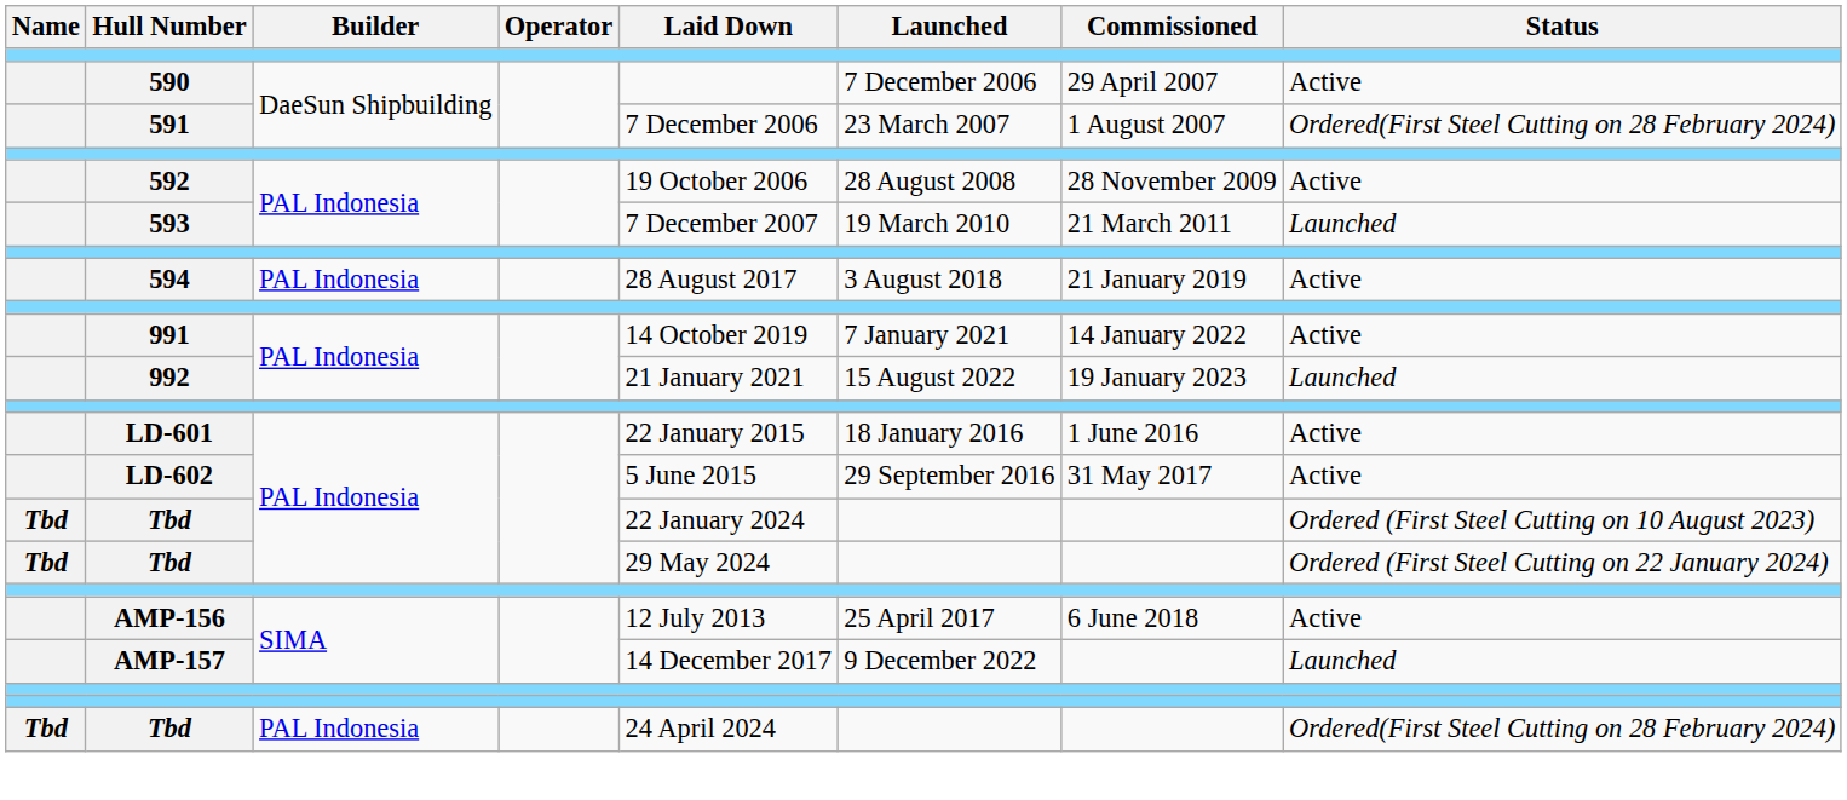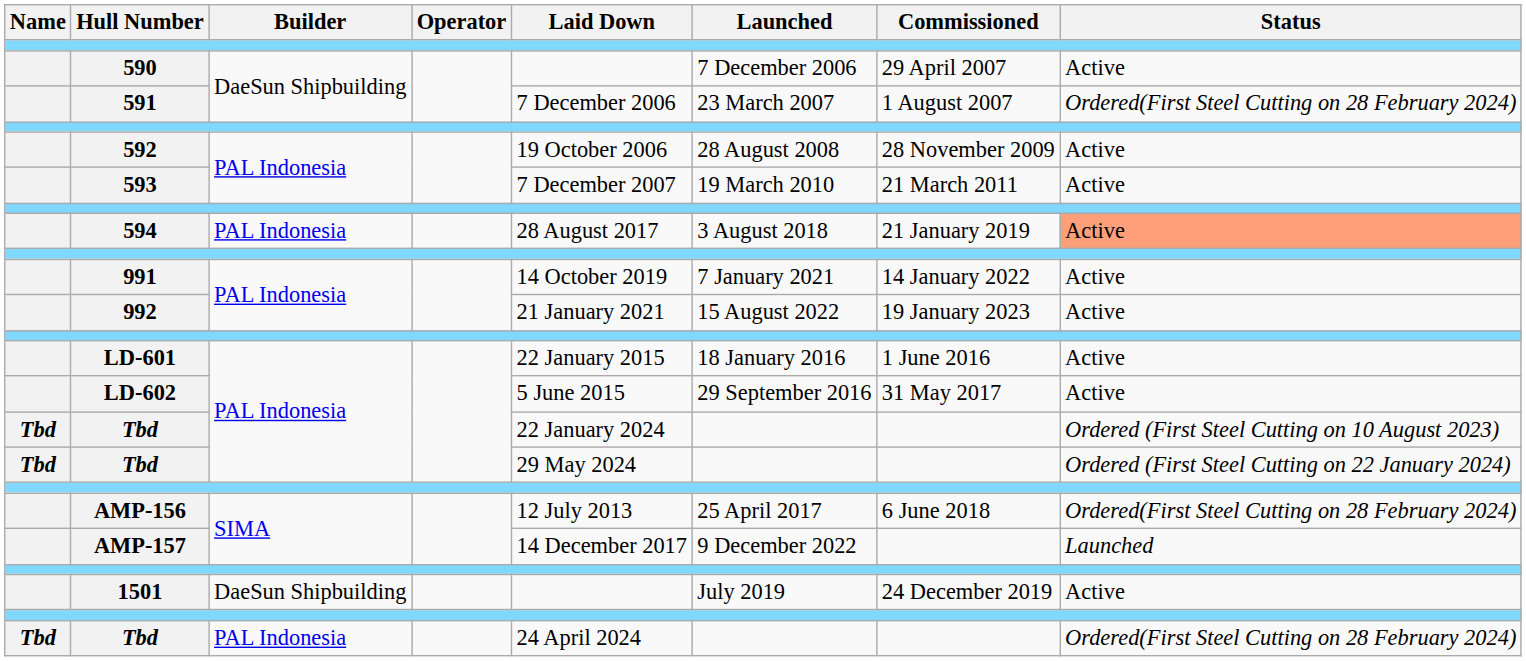 <table class="wikitable">
 <tr>
 <th>Name</th>
 <th>Hull Number</th>
 <th>Builder</th>
 <th>Operator</th>
 <th>Laid Down</th>
 <th>Launched</th>
 <th>Commissioned</th>
 <th>Status</th>
 </tr>
 <tr>
 <td colspan=8 style="background: #80D8FF;"></td>
 </tr>
 <tr>
 <th Scope="row"></th>
 <th scope="row">590</th>
 <td rowspan="2">DaeSun Shipbuilding</td>
 <td rowspan="2"></td>
 <td></td>
 <td>7 December 2006</td>
 <td>29 April 2007</td>
 <td>Active</td>
 </tr>
 <tr>
 <th Scope="row"></th>
 <th Scope="row">591</th>
 <td>7 December 2006</td>
 <td>23 March 2007</td>
 <td>1 August 2007</td>
 <td><em>Ordered</em><em>(First Steel Cutting on 28 February 2024)</em></td>
 </tr>
 <tr>
 <td colspan=8 style="background: #80D8FF;"></td>
 </tr>
 <tr>
 <th Scope="row"></th>
 <th Scope="row">592</th>
 <td rowspan="2"><a href='#'>PAL Indonesia</a></td>
 <td rowspan="2"></td>
 <td>19 October 2006</td>
 <td>28 August 2008</td>
 <td>28 November 2009</td>
 <td>Active</td>
 </tr>
 <tr>
 <th Scope="row"></th>
 <th Scope="row">593</th>
 <td>7 December 2007</td>
 <td>19 March 2010</td>
 <td>21 March 2011</td>
-<td><em>Launched</em></td>
+<td>Active</td>
 </tr>
 <tr>
 <td colspan=8 style="background: #80D8FF;"></td>
 </tr>
 <tr>
 <th Scope="row"></th>
 <th Scope="row">594</th>
 <td><a href='#'>PAL Indonesia</a></td>
 <td></td>
 <td>28 August 2017</td>
 <td>3 August 2018</td>
 <td>21 January 2019</td>
-<td>Active</td>
+<td style="background: lightsalmon;">Active</td>
 </tr>
 <tr>
 <td colspan="8" style="background: #80D8FF;"></td>
 </tr>
 <tr>
 <th scope="row"></th>
 <th scope="row">991</th>
 <td rowspan="2"><a href='#'>PAL Indonesia</a></td>
 <td rowspan="2"></td>
 <td>14 October 2019</td>
 <td>7 January 2021</td>
 <td>14 January 2022</td>
 <td>Active</td>
 </tr>
 <tr>
 <th Scope="row"></th>
 <th Scope="row">992</th>
 <td>21 January 2021</td>
 <td>15 August 2022</td>
 <td>19 January 2023</td>
-<td><em>Launched</em></td>
+<td>Active</td>
 </tr>
 <tr>
 <td colspan=8 style="background: #80D8FF;"></td>
 </tr>
 <tr>
 <th Scope="row"></th>
 <th Scope="row">LD-601</th>
 <td rowspan="4"><a href='#'>PAL Indonesia</a></td>
 <td rowspan="4"></td>
 <td>22 January 2015</td>
 <td>18 January 2016</td>
 <td>1 June 2016</td>
 <td>Active</td>
 </tr>
 <tr>
 <th Scope="row"></th>
 <th Scope="row">LD-602</th>
 <td>5 June 2015</td>
 <td>29 September 2016</td>
 <td>31 May 2017</td>
 <td>Active</td>
 </tr>
 <tr>
 <th><em>Tbd</em></th>
 <th><em>Tbd</em></th>
 <td>22 January 2024</td>
 <td></td>
 <td></td>
 <td><em>Ordered (First Steel Cutting on 10 August 2023)</em></td>
 </tr>
 <tr>
 <th><em>Tbd</em></th>
 <th><em>Tbd</em></th>
 <td>29 May 2024</td>
 <td></td>
 <td></td>
 <td><em>Ordered (First Steel Cutting on 22 January 2024)</em></td>
 </tr>
 <tr>
 <th colspan=8 style="background: #80D8FF;"></th>
 </tr>
 <tr>
 <th Scope="row"></th>
 <th Scope="row">AMP-156</th>
 <td rowspan="2"><a href='#'>SIMA</a></td>
 <td rowspan="2"></td>
 <td>12 July 2013</td>
 <td>25 April 2017</td>
 <td>6 June 2018</td>
-<td>Active</td>
+<td><em>Ordered</em><em>(First Steel Cutting on 28 February 2024)</em></td>
 </tr>
 <tr>
 <th Scope="row"></th>
 <th Scope="row">AMP-157</th>
 <td>14 December 2017</td>
 <td>9 December 2022</td>
 <td></td>
 <td><em>Launched</em></td>
 </tr>
 <tr>
 <th colspan=8 style="background: #80D8FF;"></th>
+</tr>
+<tr>
+<th Scope="row"></th>
+<th Scope="row">1501</th>
+<td>DaeSun Shipbuilding</td>
+<td></td>
+<td></td>
+<td>July 2019</td>
+<td>24 December 2019</td>
+<td>Active</td>
 </tr>
 <tr>
 <th colspan=8 style="background: #80D8FF;"></th>
 </tr>
 <tr>
 <th Scope="row"><em>Tbd</em></th>
 <th Scope="row"><em>Tbd</em></th>
 <td><a href='#'>PAL Indonesia</a></td>
 <td></td>
 <td>24 April 2024</td>
 <td></td>
 <td></td>
 <td><em>Ordered</em><em>(First Steel Cutting on 28 February 2024)</em></td>
 </tr>
 </table>
